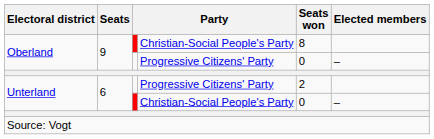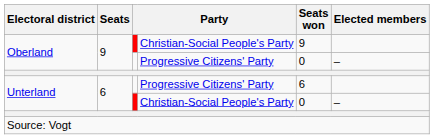 <table class="wikitable">
 <tr>
 <th>Electoral district</th>
 <th>Seats</th>
 <th colspan="2">Party</th>
 <th>Seats<br>won</th>
 <th>Elected members</th>
 </tr>
 <tr>
 <td rowspan="2"><a href='#'>Oberland</a></td>
 <td rowspan="2">9</td>
 <td style="color:inherit;background:#FF0000"></td>
 <td><a href='#'>Christian-Social People's Party</a></td>
-<td>8</td>
+<td>9</td>
 <td></td>
 </tr>
 <tr>
 <td></td>
 <td><a href='#'>Progressive Citizens' Party</a></td>
 <td>0</td>
 <td>–</td>
 </tr>
 <tr>
 <th colspan="6"></th>
 </tr>
 <tr>
 <td rowspan="2"><a href='#'>Unterland</a></td>
 <td rowspan="2">6</td>
 <td></td>
 <td><a href='#'>Progressive Citizens' Party</a></td>
-<td>2</td>
+<td>6</td>
 <td></td>
 </tr>
 <tr>
 <td style="color:inherit;background:#FF0000"></td>
 <td><a href='#'>Christian-Social People's Party</a></td>
 <td>0</td>
 <td>–</td>
 </tr>
 <tr>
 <th colspan="6"></th>
 </tr>
 <tr>
 <td colspan="6">Source: Vogt</td>
 </tr>
 </table>
